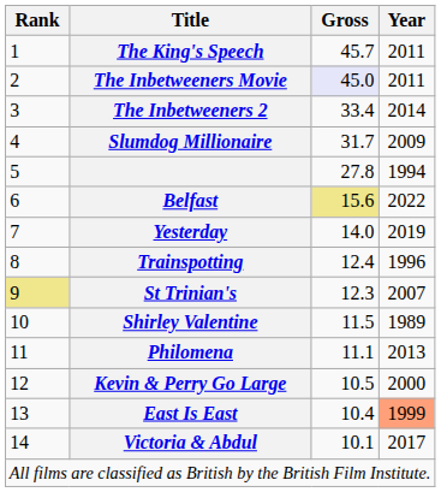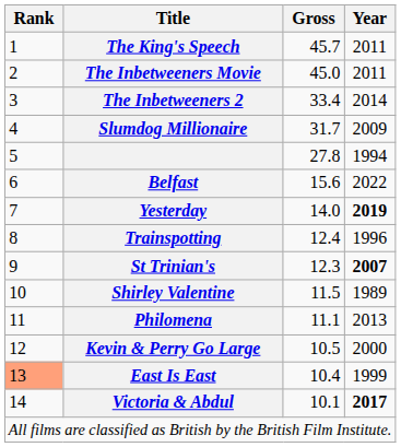 <table class="wikitable sortable plainrowheaders">
 <tr>
 <th scope="col">Rank</th>
 <th scope="col">Title</th>
 <th scope="col">Gross<br></th>
 <th scope="col">Year</th>
 </tr>
 <tr>
 <td>1</td>
 <th scope="row"><em><a href='#'>The King's Speech</a></em></th>
 <td align="right">45.7</td>
 <td style="text-align:center;">2011</td>
 </tr>
 <tr>
 <td>2</td>
 <th scope="row"><em><a href='#'>The Inbetweeners Movie</a></em></th>
-<td align="right" style="background: lavender;">45.0</td>
+<td align="right">45.0</td>
 <td style="text-align:center;">2011</td>
 </tr>
 <tr>
 <td>3</td>
 <th scope="row"><em><a href='#'>The Inbetweeners 2</a></em></th>
 <td align="right">33.4</td>
 <td style="text-align:center;">2014</td>
 </tr>
 <tr>
 <td>4</td>
 <th scope="row"><em><a href='#'>Slumdog Millionaire</a></em></th>
 <td align="right">31.7</td>
 <td style="text-align:center;">2009</td>
 </tr>
 <tr>
 <td>5</td>
 <th scope="row"><em></em></th>
 <td align="right">27.8</td>
 <td style="text-align:center;">1994</td>
 </tr>
 <tr>
 <td>6</td>
 <th scope="row"><em><a href='#'>Belfast</a></em></th>
-<td style="background: khaki; text-align:right;">15.6</td>
+<td style="text-align:right;">15.6</td>
 <td style="text-align:center;">2022</td>
 </tr>
 <tr>
 <td>7</td>
 <th scope="row"><em><a href='#'>Yesterday</a></em></th>
 <td style="text-align:right;">14.0</td>
-<td style="text-align:center;">2019</td>
+<td style="text-align:center;"><strong>2019</strong></td>
 </tr>
 <tr>
 <td>8</td>
 <th scope="row"><em><a href='#'>Trainspotting</a></em></th>
 <td align="right">12.4</td>
 <td style="text-align:center;">1996</td>
 </tr>
 <tr>
-<td style="background: khaki;">9</td>
+<td>9</td>
 <th scope="row"><em><a href='#'>St Trinian's</a></em></th>
 <td align="right">12.3</td>
-<td style="text-align:center;">2007</td>
+<td style="text-align:center;"><strong>2007</strong></td>
 </tr>
 <tr>
 <td>10</td>
 <th scope="row"><em><a href='#'>Shirley Valentine</a></em></th>
 <td align="right">11.5</td>
 <td style="text-align:center;">1989</td>
 </tr>
 <tr>
 <td>11</td>
 <th scope="row"><em><a href='#'>Philomena</a></em></th>
 <td align="right">11.1</td>
 <td style="text-align:center;">2013</td>
 </tr>
 <tr>
 <td>12</td>
 <th scope="row"><em><a href='#'>Kevin & Perry Go Large</a></em></th>
 <td align="right">10.5</td>
 <td style="text-align:center;">2000</td>
 </tr>
 <tr>
-<td>13</td>
+<td style="background: lightsalmon;">13</td>
 <th scope="row"><em><a href='#'>East Is East</a></em></th>
 <td align="right">10.4</td>
-<td style="background: lightsalmon; text-align:center;">1999</td>
+<td style="text-align:center;">1999</td>
 </tr>
 <tr>
 <td>14</td>
 <th scope="row"><em><a href='#'>Victoria & Abdul</a></em></th>
 <td style="text-align:right;">10.1</td>
-<td style="text-align:center;">2017</td>
+<td style="text-align:center;"><strong>2017</strong></td>
 </tr>
 <tr class="sortbottom" style="text-align:center; font-size:90%">
 <td colspan="4"><em>All films are classified as British by the British Film Institute.<br></em></td>
 </tr>
 </table>
